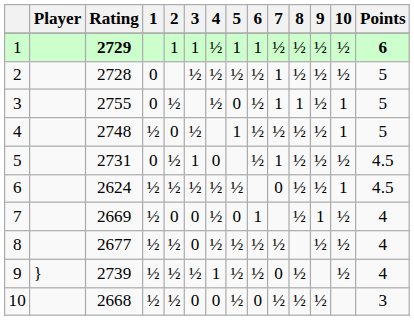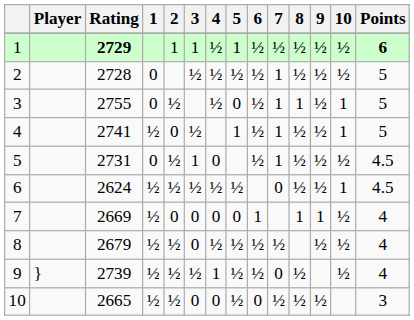 <table class="wikitable" style="font-size: 90%; text-align: center;">
 <tr>
 <th></th>
 <th>Player</th>
 <th>Rating</th>
 <th>1</th>
 <th>2</th>
 <th>3</th>
 <th>4</th>
 <th>5</th>
 <th>6</th>
 <th>7</th>
 <th>8</th>
 <th>9</th>
 <th>10</th>
 <th>Points</th>
 </tr>
 <tr>
 </tr>
 <tr style="background:#ccffcc">
 <td>1</td>
 <td align="left"><strong></strong></td>
 <td><strong>2729</strong></td>
 <td></td>
 <td>1</td>
 <td>1</td>
 <td>½</td>
 <td>1</td>
-<td>1</td>
+<td>½</td>
 <td>½</td>
 <td>½</td>
 <td>½</td>
 <td>½</td>
 <td><strong>6</strong></td>
 </tr>
 <tr>
 <td>2</td>
 <td align="left"></td>
 <td>2728</td>
 <td>0</td>
 <td></td>
 <td>½</td>
 <td>½</td>
 <td>½</td>
 <td>½</td>
 <td>1</td>
 <td>½</td>
 <td>½</td>
 <td>½</td>
 <td>5</td>
 </tr>
 <tr>
 <td>3</td>
 <td align="left"></td>
 <td>2755</td>
 <td>0</td>
 <td>½</td>
 <td></td>
 <td>½</td>
 <td>0</td>
 <td>½</td>
 <td>1</td>
 <td>1</td>
 <td>½</td>
 <td>1</td>
 <td>5</td>
 </tr>
 <tr>
 <td>4</td>
 <td align="left"></td>
-<td>2748</td>
+<td>2741</td>
 <td>½</td>
 <td>0</td>
 <td>½</td>
 <td></td>
 <td>1</td>
 <td>½</td>
-<td>½</td>
+<td>1</td>
 <td>½</td>
 <td>½</td>
 <td>1</td>
 <td>5</td>
 </tr>
 <tr>
 <td>5</td>
 <td align="left"></td>
 <td>2731</td>
 <td>0</td>
 <td>½</td>
 <td>1</td>
 <td>0</td>
 <td></td>
 <td>½</td>
 <td>1</td>
 <td>½</td>
 <td>½</td>
 <td>½</td>
 <td>4.5</td>
 </tr>
 <tr>
 <td>6</td>
 <td align="left"></td>
 <td>2624</td>
 <td>½</td>
 <td>½</td>
 <td>½</td>
 <td>½</td>
 <td>½</td>
 <td></td>
 <td>0</td>
 <td>½</td>
 <td>½</td>
 <td>1</td>
 <td>4.5</td>
 </tr>
 <tr>
 <td>7</td>
 <td align="left"></td>
 <td>2669</td>
 <td>½</td>
 <td>0</td>
 <td>0</td>
-<td>½</td>
+<td>0</td>
 <td>0</td>
 <td>1</td>
 <td></td>
-<td>½</td>
+<td>1</td>
 <td>1</td>
 <td>½</td>
 <td>4</td>
 </tr>
 <tr>
 <td>8</td>
 <td align="left"></td>
-<td>2677</td>
+<td>2679</td>
 <td>½</td>
 <td>½</td>
 <td>0</td>
 <td>½</td>
 <td>½</td>
 <td>½</td>
 <td>½</td>
 <td></td>
 <td>½</td>
 <td>½</td>
 <td>4</td>
 </tr>
 <tr>
 <td>9</td>
 <td align="left">}</td>
 <td>2739</td>
 <td>½</td>
 <td>½</td>
 <td>½</td>
 <td>1</td>
 <td>½</td>
 <td>½</td>
 <td>0</td>
 <td>½</td>
 <td></td>
 <td>½</td>
 <td>4</td>
 </tr>
 <tr>
 <td>10</td>
 <td align="left"></td>
-<td>2668</td>
+<td>2665</td>
 <td>½</td>
 <td>½</td>
 <td>0</td>
 <td>0</td>
 <td>½</td>
 <td>0</td>
 <td>½</td>
 <td>½</td>
 <td>½</td>
 <td></td>
 <td>3</td>
 </tr>
 </table>
